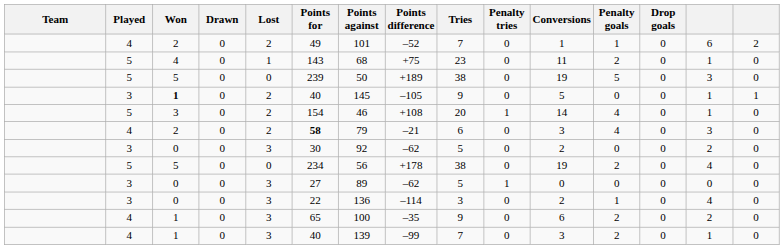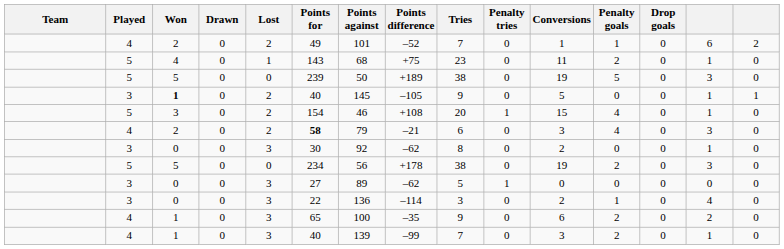 <table class=wikitable style=text-align:center>
 <tr>
 <th width=140>Team</th>
 <th width=60>Played</th>
 <th width=60>Won</th>
 <th width=60>Drawn</th>
 <th width=60>Lost</th>
 <th width=60>Points<br>for</th>
 <th width=60>Points<br>against</th>
 <th width=60>Points<br>difference</th>
 <th width=60>Tries</th>
 <th width=60>Penalty tries</th>
 <th width=60>Conversions</th>
 <th width=60>Penalty goals</th>
 <th width=60>Drop goals</th>
 <th width=60></th>
 <th width=60></th>
 </tr>
 <tr>
 <td align=left></td>
 <td>4</td>
 <td>2</td>
 <td>0</td>
 <td>2</td>
 <td>49</td>
 <td>101</td>
 <td>–52</td>
 <td>7</td>
 <td>0</td>
 <td>1</td>
 <td>1</td>
 <td>0</td>
 <td>6</td>
 <td>2</td>
 </tr>
 <tr>
 <td align=left></td>
 <td>5</td>
 <td>4</td>
 <td>0</td>
 <td>1</td>
 <td>143</td>
 <td>68</td>
 <td>+75</td>
 <td>23</td>
 <td>0</td>
 <td>11</td>
 <td>2</td>
 <td>0</td>
 <td>1</td>
 <td>0</td>
 </tr>
 <tr>
 <td align=left></td>
 <td>5</td>
 <td>5</td>
 <td>0</td>
 <td>0</td>
 <td>239</td>
 <td>50</td>
 <td>+189</td>
 <td>38</td>
 <td>0</td>
 <td>19</td>
 <td>5</td>
 <td>0</td>
 <td>3</td>
 <td>0</td>
 </tr>
 <tr>
 <td align=left></td>
 <td>3</td>
 <td><strong>1</strong></td>
 <td>0</td>
 <td>2</td>
 <td>40</td>
 <td>145</td>
 <td>–105</td>
 <td>9</td>
 <td>0</td>
 <td>5</td>
 <td>0</td>
 <td>0</td>
 <td>1</td>
 <td>1</td>
 </tr>
 <tr>
 <td align=left></td>
 <td>5</td>
 <td>3</td>
 <td>0</td>
 <td>2</td>
 <td>154</td>
 <td>46</td>
 <td>+108</td>
 <td>20</td>
 <td>1</td>
-<td>14</td>
+<td>15</td>
 <td>4</td>
 <td>0</td>
 <td>1</td>
 <td>0</td>
 </tr>
 <tr>
 <td align=left></td>
 <td>4</td>
 <td>2</td>
 <td>0</td>
 <td>2</td>
 <td><strong>58</strong></td>
 <td>79</td>
 <td>–21</td>
 <td>6</td>
 <td>0</td>
 <td>3</td>
 <td>4</td>
 <td>0</td>
 <td>3</td>
 <td>0</td>
 </tr>
 <tr>
 <td align=left></td>
 <td>3</td>
 <td>0</td>
 <td>0</td>
 <td>3</td>
 <td>30</td>
 <td>92</td>
 <td>–62</td>
-<td>5</td>
+<td>8</td>
 <td>0</td>
 <td>2</td>
 <td>0</td>
 <td>0</td>
-<td>2</td>
+<td>1</td>
 <td>0</td>
 </tr>
 <tr>
 <td align=left></td>
 <td>5</td>
 <td>5</td>
 <td>0</td>
 <td>0</td>
 <td>234</td>
 <td>56</td>
 <td>+178</td>
 <td>38</td>
 <td>0</td>
 <td>19</td>
 <td>2</td>
 <td>0</td>
-<td>4</td>
+<td>3</td>
 <td>0</td>
 </tr>
 <tr>
 <td align=left></td>
 <td>3</td>
 <td>0</td>
 <td>0</td>
 <td>3</td>
 <td>27</td>
 <td>89</td>
 <td>–62</td>
 <td>5</td>
 <td>1</td>
 <td>0</td>
 <td>0</td>
 <td>0</td>
 <td>0</td>
 <td>0</td>
 </tr>
 <tr>
 <td align=left></td>
 <td>3</td>
 <td>0</td>
 <td>0</td>
 <td>3</td>
 <td>22</td>
 <td>136</td>
 <td>–114</td>
 <td>3</td>
 <td>0</td>
 <td>2</td>
 <td>1</td>
 <td>0</td>
 <td>4</td>
 <td>0</td>
 </tr>
 <tr>
 <td align=left></td>
 <td>4</td>
 <td>1</td>
 <td>0</td>
 <td>3</td>
 <td>65</td>
 <td>100</td>
 <td>–35</td>
 <td>9</td>
 <td>0</td>
 <td>6</td>
 <td>2</td>
 <td>0</td>
 <td>2</td>
 <td>0</td>
 </tr>
 <tr>
 <td align=left></td>
 <td>4</td>
 <td>1</td>
 <td>0</td>
 <td>3</td>
 <td>40</td>
 <td>139</td>
 <td>–99</td>
 <td>7</td>
 <td>0</td>
 <td>3</td>
 <td>2</td>
 <td>0</td>
 <td>1</td>
 <td>0</td>
 </tr>
 </table>
